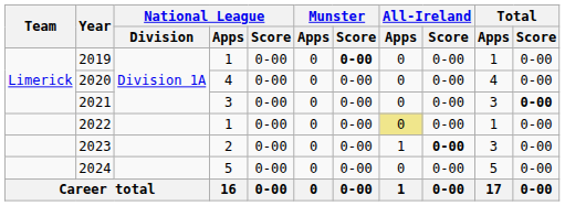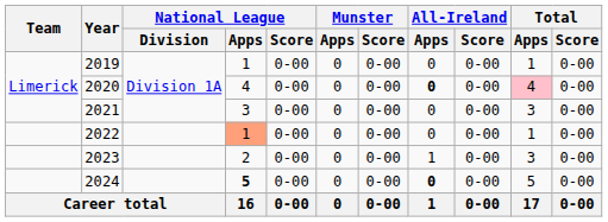 <table class="wikitable" style="text-align:center">
 <tr>
 <th rowspan="2">Team</th>
 <th rowspan="2">Year</th>
 <th colspan="3"><a href='#'>National League</a></th>
 <th colspan="2"><a href='#'>Munster</a></th>
 <th colspan="2"><a href='#'>All-Ireland</a></th>
 <th colspan="2">Total</th>
 </tr>
 <tr>
 <th>Division</th>
 <th>Apps</th>
 <th>Score</th>
 <th>Apps</th>
 <th>Score</th>
 <th>Apps</th>
 <th>Score</th>
 <th>Apps</th>
 <th>Score</th>
 </tr>
 <tr>
 <td rowspan="3"><a href='#'>Limerick</a></td>
 <td>2019</td>
 <td rowspan="3"><a href='#'>Division 1A</a></td>
 <td>1</td>
 <td>0-00</td>
 <td>0</td>
-<td><strong>0-00</strong></td>
+<td>0-00</td>
 <td>0</td>
 <td>0-00</td>
 <td>1</td>
 <td>0-00</td>
 </tr>
 <tr>
 <td>2020</td>
 <td>4</td>
 <td>0-00</td>
 <td>0</td>
 <td>0-00</td>
-<td>0</td>
+<td><strong>0</strong></td>
 <td>0-00</td>
-<td>4</td>
+<td style="background: pink;">4</td>
 <td>0-00</td>
 </tr>
 <tr>
 <td>2021</td>
 <td>3</td>
 <td>0-00</td>
 <td>0</td>
 <td>0-00</td>
 <td>0</td>
 <td>0-00</td>
 <td>3</td>
-<td><strong>0-00</strong></td>
+<td>0-00</td>
 </tr>
 <tr>
 <td></td>
 <td>2022</td>
 <td></td>
-<td>1</td>
+<td style="background: lightsalmon;">1</td>
 <td>0-00</td>
 <td>0</td>
 <td>0-00</td>
-<td style="background: khaki;">0</td>
+<td>0</td>
 <td>0-00</td>
 <td>1</td>
 <td>0-00</td>
 </tr>
 <tr>
 <td></td>
 <td>2023</td>
 <td></td>
 <td>2</td>
 <td>0-00</td>
 <td>0</td>
 <td>0-00</td>
 <td>1</td>
-<td><strong>0-00</strong></td>
+<td>0-00</td>
 <td>3</td>
 <td>0-00</td>
 </tr>
 <tr>
 <td></td>
 <td>2024</td>
 <td></td>
-<td>5</td>
+<td><strong>5</strong></td>
 <td>0-00</td>
 <td>0</td>
 <td>0-00</td>
-<td>0</td>
+<td><strong>0</strong></td>
 <td>0-00</td>
 <td>5</td>
 <td>0-00</td>
 </tr>
 <tr>
 <th colspan="3">Career total</th>
 <th>16</th>
 <th>0-00</th>
 <th>0</th>
 <th>0-00</th>
 <th>1</th>
 <th>0-00</th>
 <th>17</th>
 <th>0-00</th>
 </tr>
 </table>
